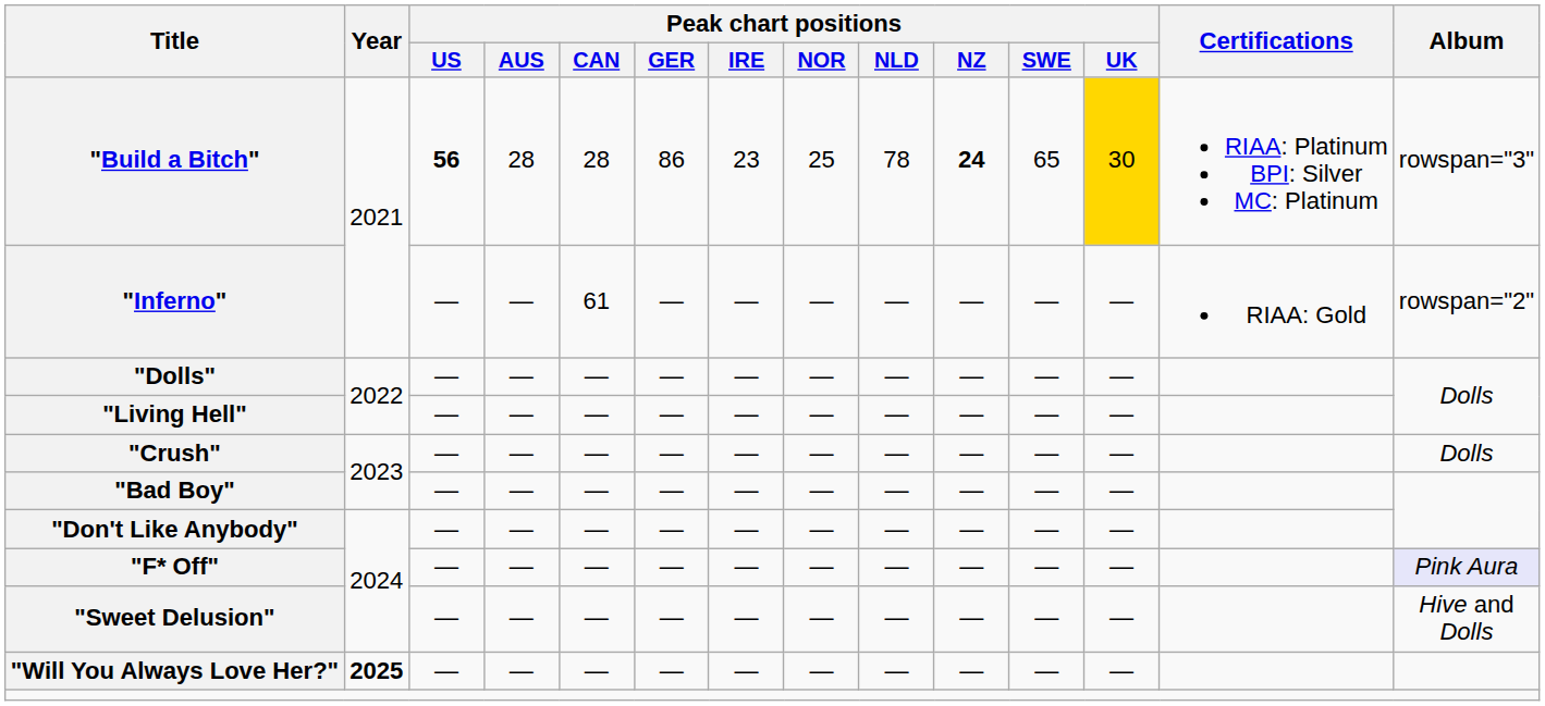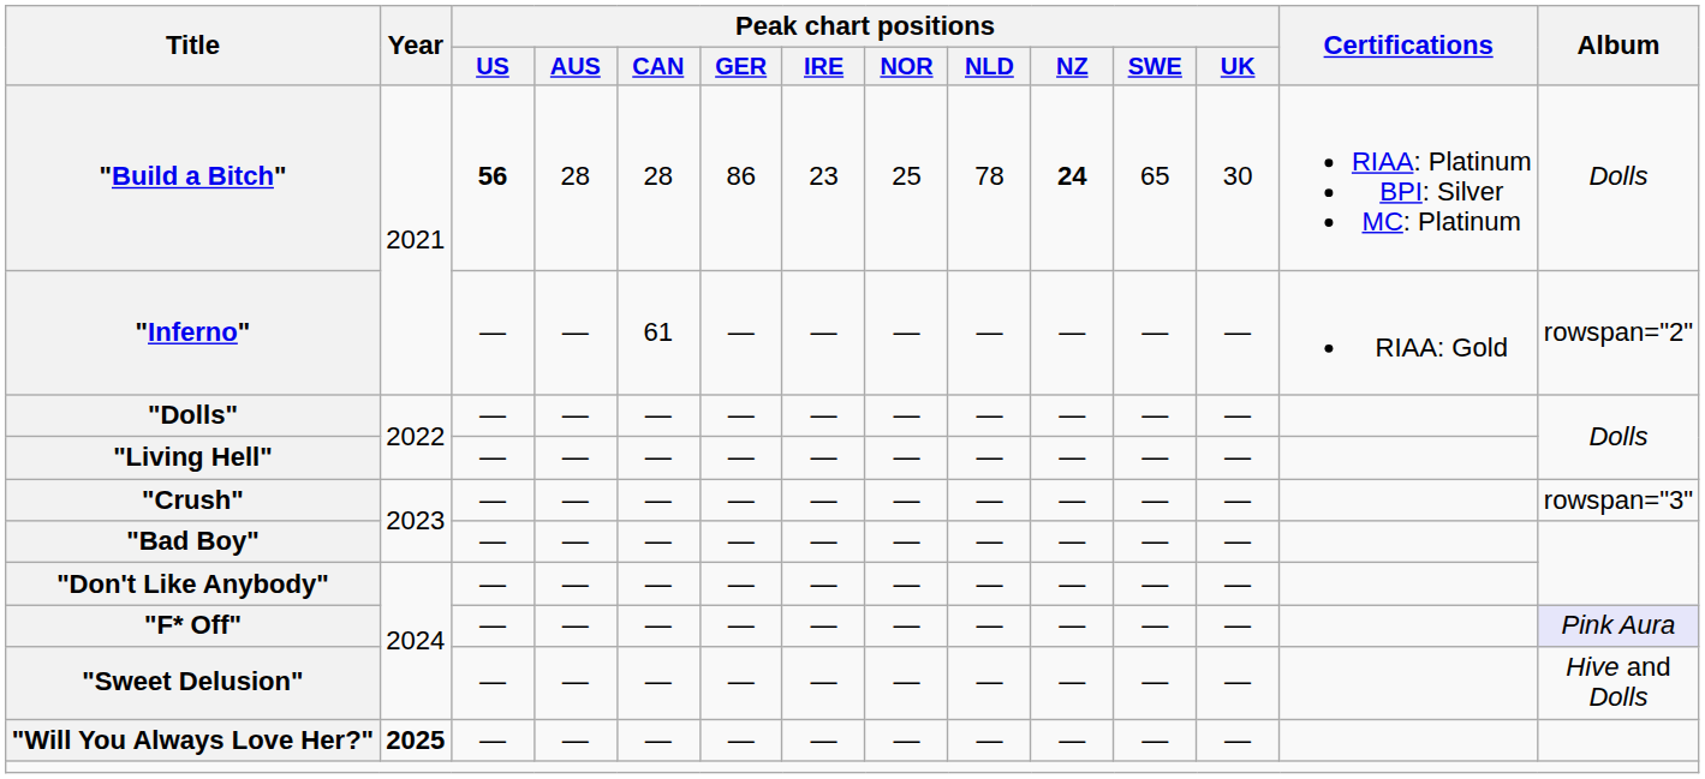 <table class="wikitable plainrowheaders" style="text-align:center;">
 <tr>
 <th scope="col" rowspan="2">Title</th>
 <th scope="col" rowspan="2">Year</th>
 <th scope="col" colspan="10">Peak chart positions</th>
 <th scope="col" rowspan="2"><a href='#'>Certifications</a></th>
 <th scope="col" rowspan="2">Album</th>
 </tr>
 <tr>
 <th scope="col" style="width:3em;font-size:90%;"><a href='#'>US</a><br></th>
 <th scope="col" style="width:3em;font-size:90%;"><a href='#'>AUS</a><br></th>
 <th scope="col" style="width:3em;font-size:90%;"><a href='#'>CAN</a><br></th>
 <th scope="col" style="width:3em;font-size:90%;"><a href='#'>GER</a><br></th>
 <th scope="col" style="width:3em;font-size:90%;"><a href='#'>IRE</a><br></th>
 <th scope="col" style="width:3em;font-size:90%;"><a href='#'>NOR</a><br></th>
 <th scope="col" style="width:3em;font-size:90%;"><a href='#'>NLD</a><br></th>
 <th scope="col" style="width:3em;font-size:90%;"><a href='#'>NZ</a><br></th>
 <th scope="col" style="width:3em;font-size:90%;"><a href='#'>SWE</a><br></th>
 <th scope="col" style="width:3em;font-size:90%;"><a href='#'>UK</a><br></th>
 </tr>
 <tr>
 <th scope="row">"<a href='#'>Build a Bitch</a>"</th>
 <td rowspan="2">2021</td>
 <td><strong>56</strong></td>
 <td>28</td>
 <td>28</td>
 <td>86</td>
 <td>23</td>
 <td>25</td>
 <td>78</td>
 <td><strong>24</strong></td>
 <td>65</td>
-<td style="background: gold;">30</td>
+<td>30</td>
 <td><br><ul><li><a href='#'>RIAA</a>: Platinum</li><li><a href='#'>BPI</a>: Silver</li><li><a href='#'>MC</a>: Platinum</li></ul></td>
-<td>rowspan="3" </td>
+<td><em>Dolls</em></td>
 </tr>
 <tr>
 <th scope="row">"<a href='#'>Inferno</a>"<br></th>
 <td>—</td>
 <td>—</td>
 <td>61</td>
 <td>—</td>
 <td>—</td>
 <td>—</td>
 <td>—</td>
 <td>—</td>
 <td>—</td>
 <td>—</td>
 <td><br><ul><li>RIAA: Gold</li></ul></td>
 <td>rowspan="2" </td>
 </tr>
 <tr>
 <th scope="row">"Dolls"</th>
 <td rowspan="2">2022</td>
 <td>—</td>
 <td>—</td>
 <td>—</td>
 <td>—</td>
 <td>—</td>
 <td>—</td>
 <td>—</td>
 <td>—</td>
 <td>—</td>
 <td>—</td>
 <td></td>
 <td rowspan="2"><em>Dolls</em></td>
 </tr>
 <tr>
 <th scope="row">"Living Hell"</th>
 <td>—</td>
 <td>—</td>
 <td>—</td>
 <td>—</td>
 <td>—</td>
 <td>—</td>
 <td>—</td>
 <td>—</td>
 <td>—</td>
 <td>—</td>
 <td></td>
 </tr>
 <tr>
 <th scope="row">"Crush" <br></th>
 <td rowspan="2">2023</td>
 <td>—</td>
 <td>—</td>
 <td>—</td>
 <td>—</td>
 <td>—</td>
 <td>—</td>
 <td>—</td>
 <td>—</td>
 <td>—</td>
 <td>—</td>
 <td></td>
-<td><em>Dolls</em></td>
+<td>rowspan="3" </td>
 </tr>
 <tr>
 <th scope="row">"Bad Boy"<br></th>
 <td>—</td>
 <td>—</td>
 <td>—</td>
 <td>—</td>
 <td>—</td>
 <td>—</td>
 <td>—</td>
 <td>—</td>
 <td>—</td>
 <td>—</td>
 <td></td>
 </tr>
 <tr>
 <th scope="row">"Don't Like Anybody"<br></th>
 <td rowspan="3">2024</td>
 <td>—</td>
 <td>—</td>
 <td —>—</td>
 <td>—</td>
 <td>—</td>
 <td>—</td>
 <td>—</td>
 <td>—</td>
 <td>—</td>
 <td>—</td>
 <td></td>
 </tr>
 <tr>
 <th scope="row">"F* Off"<br></th>
 <td>—</td>
 <td>—</td>
 <td>—</td>
 <td>—</td>
 <td>—</td>
 <td>—</td>
 <td>—</td>
 <td>—</td>
 <td>—</td>
 <td>—</td>
 <td></td>
 <td style="background: lavender;"><em>Pink Aura</em></td>
 </tr>
 <tr>
 <th scope="row">"Sweet Delusion"</th>
 <td>—</td>
 <td>—</td>
 <td>—</td>
 <td>—</td>
 <td>—</td>
 <td>—</td>
 <td>—</td>
 <td>—</td>
 <td>—</td>
 <td>—</td>
 <td></td>
 <td><em>Hive</em> and<br><em>Dolls</em></td>
 </tr>
 <tr>
 <th scope="row">"Will You Always Love Her?"</th>
 <td><strong>2025</strong></td>
 <td>—</td>
 <td>—</td>
 <td>—</td>
 <td>—</td>
 <td>—</td>
 <td>—</td>
 <td>—</td>
 <td>—</td>
 <td>—</td>
 <td>—</td>
 <td></td>
 </tr>
 <tr>
 <td colspan="14"></td>
 </tr>
 </table>
